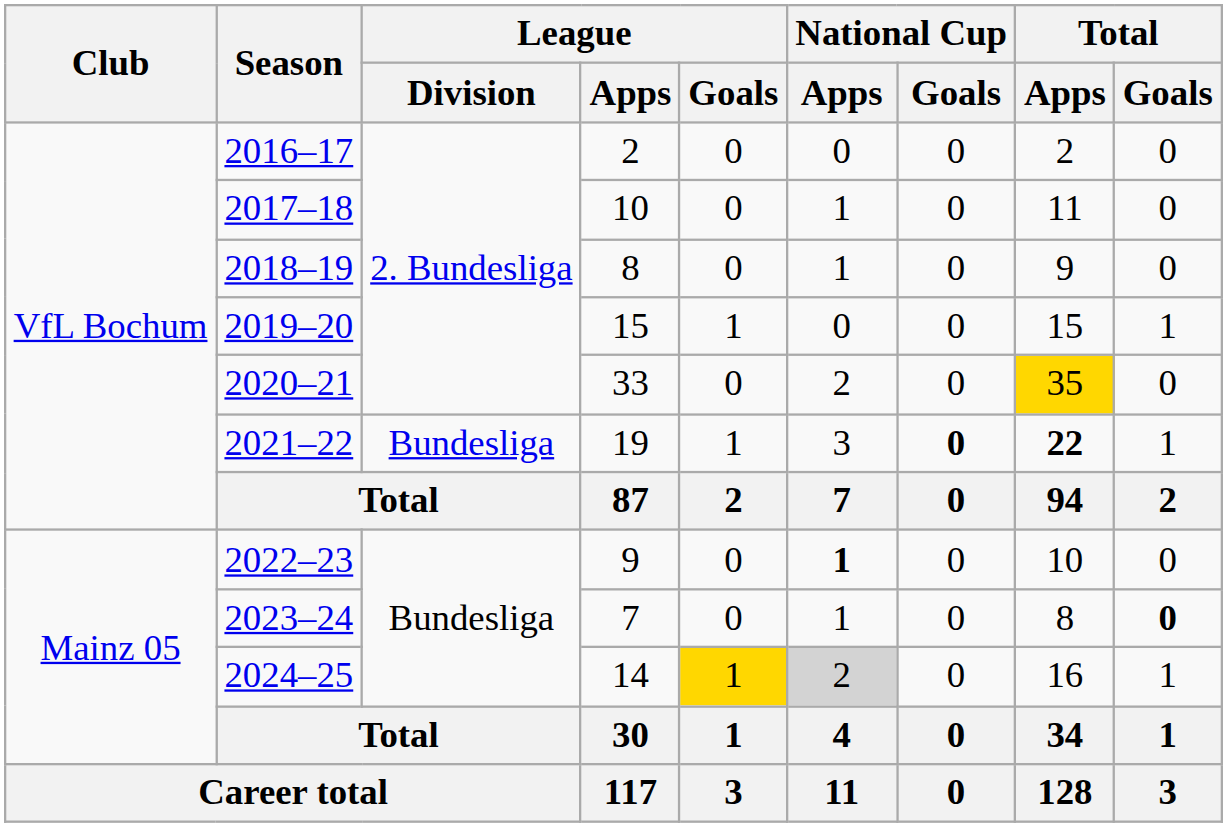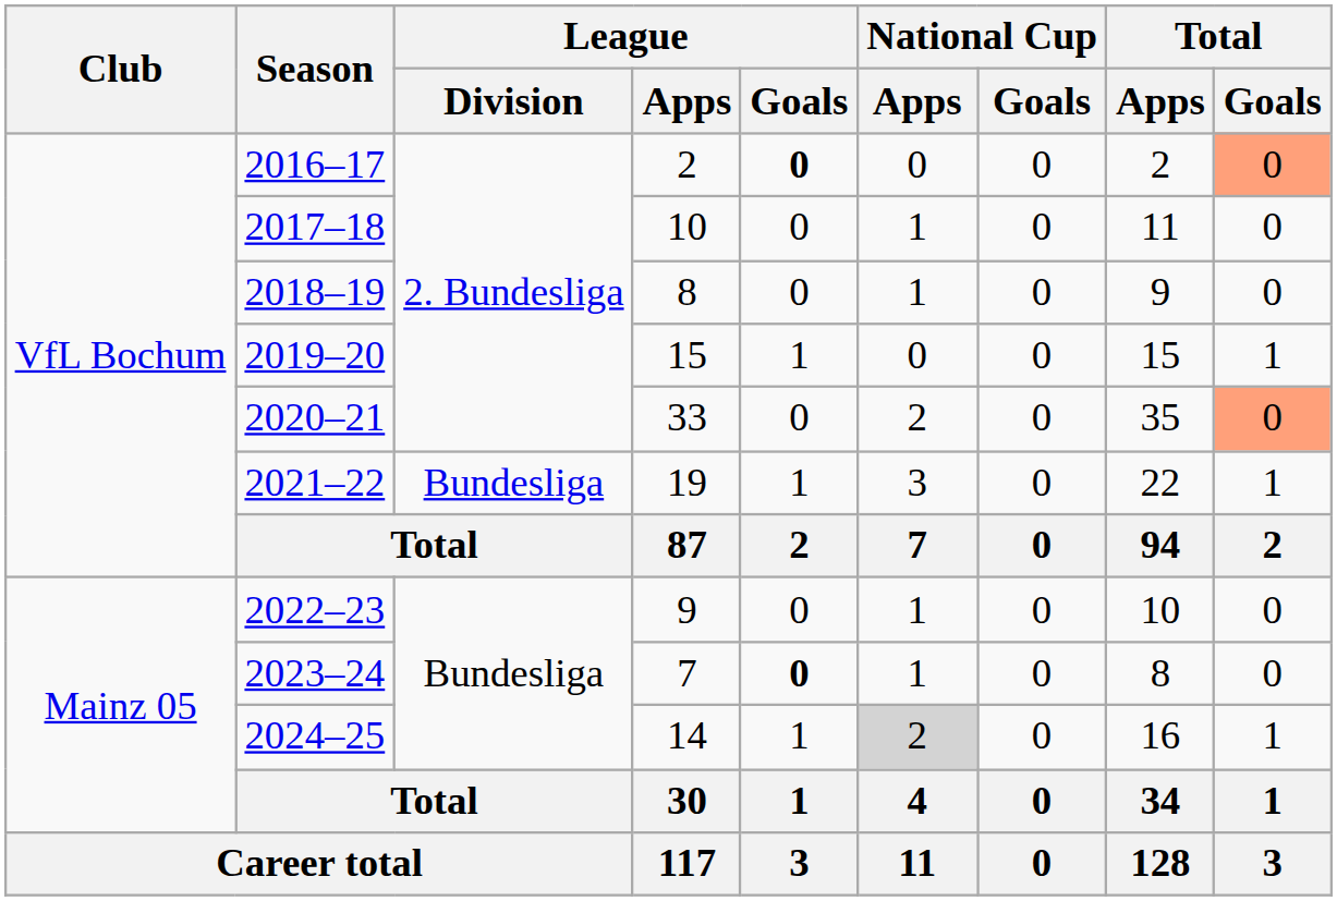 <table class="wikitable" style="text-align:center">
 <tr>
 <th rowspan="2">Club</th>
 <th rowspan="2">Season</th>
 <th colspan="3">League</th>
 <th colspan="2">National Cup</th>
 <th colspan="2">Total</th>
 </tr>
 <tr>
 <th>Division</th>
 <th>Apps</th>
 <th>Goals</th>
 <th>Apps</th>
 <th>Goals</th>
 <th>Apps</th>
 <th>Goals</th>
 </tr>
 <tr>
 <td rowspan="7"><a href='#'>VfL Bochum</a></td>
 <td><a href='#'>2016–17</a></td>
 <td rowspan="5"><a href='#'>2. Bundesliga</a></td>
 <td>2</td>
-<td>0</td>
+<td><strong>0</strong></td>
 <td>0</td>
 <td>0</td>
 <td>2</td>
-<td>0</td>
+<td style="background: lightsalmon;">0</td>
 </tr>
 <tr>
 <td><a href='#'>2017–18</a></td>
 <td>10</td>
 <td>0</td>
 <td>1</td>
 <td>0</td>
 <td>11</td>
 <td>0</td>
 </tr>
 <tr>
 <td><a href='#'>2018–19</a></td>
 <td>8</td>
 <td>0</td>
 <td>1</td>
 <td>0</td>
 <td>9</td>
 <td>0</td>
 </tr>
 <tr>
 <td><a href='#'>2019–20</a></td>
 <td>15</td>
 <td>1</td>
 <td>0</td>
 <td>0</td>
 <td>15</td>
 <td>1</td>
 </tr>
 <tr>
 <td><a href='#'>2020–21</a></td>
 <td>33</td>
 <td>0</td>
 <td>2</td>
 <td>0</td>
-<td style="background: gold;">35</td>
-<td>0</td>
+<td>35</td>
+<td style="background: lightsalmon;">0</td>
 </tr>
 <tr>
 <td><a href='#'>2021–22</a></td>
 <td><a href='#'>Bundesliga</a></td>
 <td>19</td>
 <td>1</td>
 <td>3</td>
-<td><strong>0</strong></td>
-<td><strong>22</strong></td>
+<td>0</td>
+<td>22</td>
 <td>1</td>
 </tr>
 <tr>
 <th colspan="2">Total</th>
 <th>87</th>
 <th>2</th>
 <th>7</th>
 <th>0</th>
 <th>94</th>
 <th>2</th>
 </tr>
 <tr>
 <td rowspan="4"><a href='#'>Mainz 05</a></td>
 <td><a href='#'>2022–23</a></td>
 <td rowspan="3">Bundesliga</td>
 <td>9</td>
 <td>0</td>
-<td><strong>1</strong></td>
+<td>1</td>
 <td>0</td>
 <td>10</td>
 <td>0</td>
 </tr>
 <tr>
 <td><a href='#'>2023–24</a></td>
 <td>7</td>
-<td>0</td>
+<td><strong>0</strong></td>
 <td>1</td>
 <td>0</td>
 <td>8</td>
-<td><strong>0</strong></td>
+<td>0</td>
 </tr>
 <tr>
 <td><a href='#'>2024–25</a></td>
 <td>14</td>
-<td style="background: gold;">1</td>
+<td>1</td>
 <td style="background: lightgrey;">2</td>
 <td>0</td>
 <td>16</td>
 <td>1</td>
 </tr>
 <tr>
 <th colspan="2">Total</th>
 <th>30</th>
 <th>1</th>
 <th>4</th>
 <th>0</th>
 <th>34</th>
 <th>1</th>
 </tr>
 <tr>
 <th colspan="3">Career total</th>
 <th>117</th>
 <th>3</th>
 <th>11</th>
 <th>0</th>
 <th>128</th>
 <th>3</th>
 </tr>
 </table>
